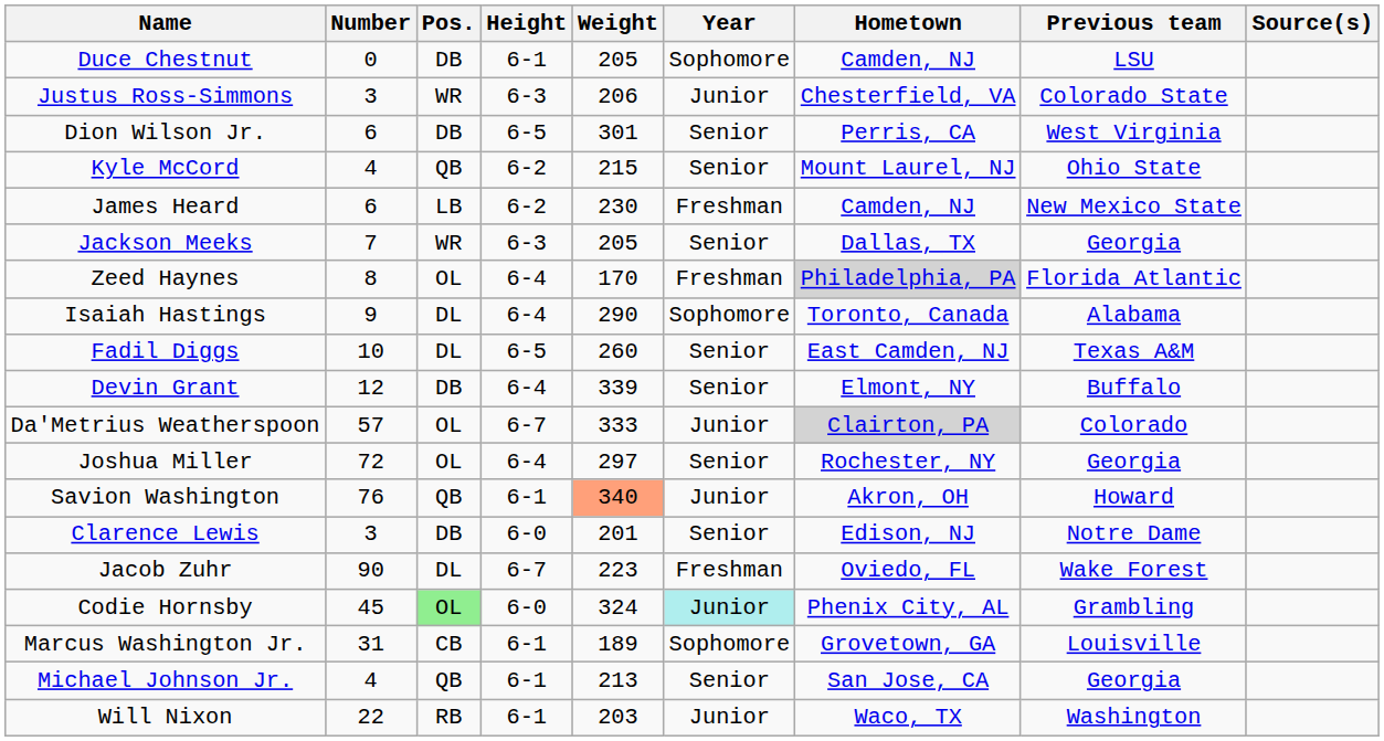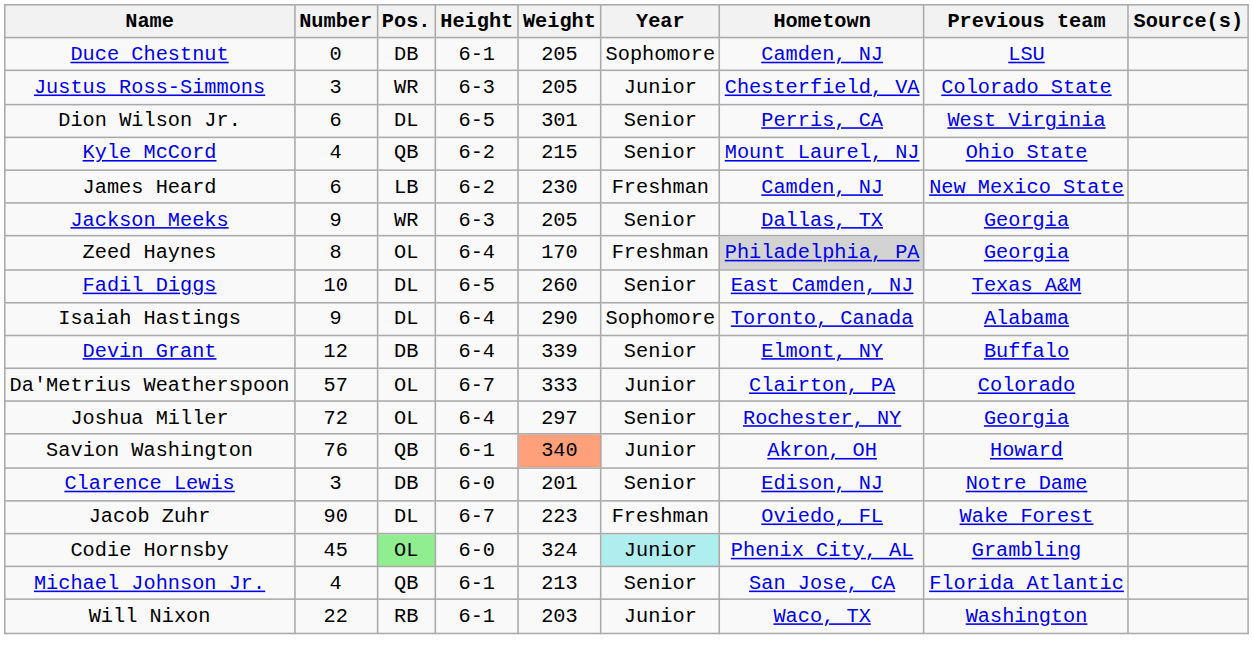 <table class="wikitable sortable" border="1" style="text-align: center;">
 <tr align=center>
 <th>Name</th>
 <th>Number</th>
 <th>Pos.</th>
 <th>Height</th>
 <th>Weight</th>
 <th>Year</th>
 <th>Hometown</th>
 <th>Previous team</th>
 <th>Source(s)</th>
 </tr>
 <tr>
 <td><a href='#'>Duce Chestnut</a></td>
 <td>0</td>
 <td>DB</td>
 <td>6-1</td>
 <td>205</td>
 <td> Sophomore</td>
 <td><a href='#'>Camden, NJ</a></td>
 <td><a href='#'>LSU</a></td>
 <td></td>
 </tr>
 <tr>
 <td><a href='#'>Justus Ross-Simmons</a></td>
 <td>3</td>
 <td>WR</td>
 <td>6-3</td>
-<td>206</td>
+<td>205</td>
 <td>Junior</td>
 <td><a href='#'>Chesterfield, VA</a></td>
 <td><a href='#'>Colorado State</a></td>
 <td></td>
 </tr>
 <tr>
 <td>Dion Wilson Jr.</td>
 <td>6</td>
-<td>DB</td>
+<td>DL</td>
 <td>6-5</td>
 <td>301</td>
 <td> Senior</td>
 <td><a href='#'>Perris, CA</a></td>
 <td><a href='#'>West Virginia</a></td>
 <td></td>
 </tr>
 <tr>
 <td><a href='#'>Kyle McCord</a></td>
 <td>4</td>
 <td>QB</td>
 <td>6-2</td>
 <td>215</td>
 <td>Senior</td>
 <td><a href='#'>Mount Laurel, NJ</a></td>
 <td><a href='#'>Ohio State</a></td>
 <td></td>
 </tr>
 <tr>
 <td>James Heard</td>
 <td>6</td>
 <td>LB</td>
 <td>6-2</td>
 <td>230</td>
 <td> Freshman</td>
 <td><a href='#'>Camden, NJ</a></td>
 <td><a href='#'>New Mexico State</a></td>
 <td></td>
 </tr>
 <tr>
 <td><a href='#'>Jackson Meeks</a></td>
-<td>7</td>
+<td>9</td>
 <td>WR</td>
 <td>6-3</td>
 <td>205</td>
 <td>Senior</td>
 <td><a href='#'>Dallas, TX</a></td>
 <td><a href='#'>Georgia</a></td>
 <td></td>
 </tr>
 <tr>
 <td>Zeed Haynes</td>
 <td>8</td>
 <td>OL</td>
 <td>6-4</td>
 <td>170</td>
 <td> Freshman</td>
 <td style="background: lightgrey;"><a href='#'>Philadelphia, PA</a></td>
-<td><a href='#'>Florida Atlantic</a></td>
+<td><a href='#'>Georgia</a></td>
+<td></td>
+</tr>
+<tr>
+<td><a href='#'>Fadil Diggs</a></td>
+<td>10</td>
+<td>DL</td>
+<td>6-5</td>
+<td>260</td>
+<td>Senior</td>
+<td><a href='#'>East Camden, NJ</a></td>
+<td><a href='#'>Texas A&M</a></td>
 <td></td>
 </tr>
 <tr>
 <td>Isaiah Hastings</td>
 <td>9</td>
 <td>DL</td>
 <td>6-4</td>
 <td>290</td>
 <td> Sophomore</td>
 <td><a href='#'>Toronto, Canada</a></td>
 <td><a href='#'>Alabama</a></td>
-<td></td>
-</tr>
-<tr>
-<td><a href='#'>Fadil Diggs</a></td>
-<td>10</td>
-<td>DL</td>
-<td>6-5</td>
-<td>260</td>
-<td>Senior</td>
-<td><a href='#'>East Camden, NJ</a></td>
-<td><a href='#'>Texas A&M</a></td>
 <td></td>
 </tr>
 <tr>
 <td><a href='#'>Devin Grant</a></td>
 <td>12</td>
 <td>DB</td>
 <td>6-4</td>
 <td>339</td>
 <td>Senior</td>
 <td><a href='#'>Elmont, NY</a></td>
 <td><a href='#'>Buffalo</a></td>
 <td></td>
 </tr>
 <tr>
 <td>Da'Metrius Weatherspoon</td>
 <td>57</td>
 <td>OL</td>
 <td>6-7</td>
 <td>333</td>
 <td> Junior</td>
-<td style="background: lightgrey;"><a href='#'>Clairton, PA</a></td>
+<td><a href='#'>Clairton, PA</a></td>
 <td><a href='#'>Colorado</a></td>
 <td></td>
 </tr>
 <tr>
 <td>Joshua Miller</td>
 <td>72</td>
 <td>OL</td>
 <td>6-4</td>
 <td>297</td>
 <td> Senior</td>
 <td><a href='#'>Rochester, NY</a></td>
 <td><a href='#'>Georgia</a></td>
 <td></td>
 </tr>
 <tr>
 <td>Savion Washington</td>
 <td>76</td>
 <td>QB</td>
 <td>6-1</td>
 <td style="background: lightsalmon;">340</td>
 <td> Junior</td>
 <td><a href='#'>Akron, OH</a></td>
 <td><a href='#'>Howard</a></td>
 <td></td>
 </tr>
 <tr>
 <td><a href='#'>Clarence Lewis</a></td>
 <td>3</td>
 <td>DB</td>
 <td>6-0</td>
 <td>201</td>
 <td>Senior</td>
 <td><a href='#'>Edison, NJ</a></td>
 <td><a href='#'>Notre Dame</a></td>
 <td></td>
 </tr>
 <tr>
 <td>Jacob Zuhr</td>
 <td>90</td>
 <td>DL</td>
 <td>6-7</td>
 <td>223</td>
 <td> Freshman</td>
 <td><a href='#'>Oviedo, FL</a></td>
 <td><a href='#'>Wake Forest</a></td>
 <td></td>
 </tr>
 <tr>
 <td>Codie Hornsby</td>
 <td>45</td>
 <td style="background: lightgreen;">OL</td>
 <td>6-0</td>
 <td>324</td>
 <td style="background: paleturquoise;"> Junior</td>
 <td><a href='#'>Phenix City, AL</a></td>
 <td><a href='#'>Grambling</a></td>
 <td></td>
 </tr>
 <tr>
-<td>Marcus Washington Jr.</td>
-<td>31</td>
-<td>CB</td>
-<td>6-1</td>
-<td>189</td>
-<td> Sophomore</td>
-<td><a href='#'>Grovetown, GA</a></td>
-<td><a href='#'>Louisville</a></td>
-<td></td>
-</tr>
-<tr>
 <td><a href='#'>Michael Johnson Jr.</a></td>
 <td>4</td>
 <td>QB</td>
 <td>6-1</td>
 <td>213</td>
 <td> Senior</td>
 <td><a href='#'>San Jose, CA</a></td>
-<td><a href='#'>Georgia</a></td>
+<td><a href='#'>Florida Atlantic</a></td>
 <td></td>
 </tr>
 <tr>
 <td>Will Nixon</td>
 <td>22</td>
 <td>RB</td>
 <td>6-1</td>
 <td>203</td>
 <td> Junior</td>
 <td><a href='#'>Waco, TX</a></td>
 <td><a href='#'>Washington</a></td>
 <td></td>
 </tr>
 </table>
